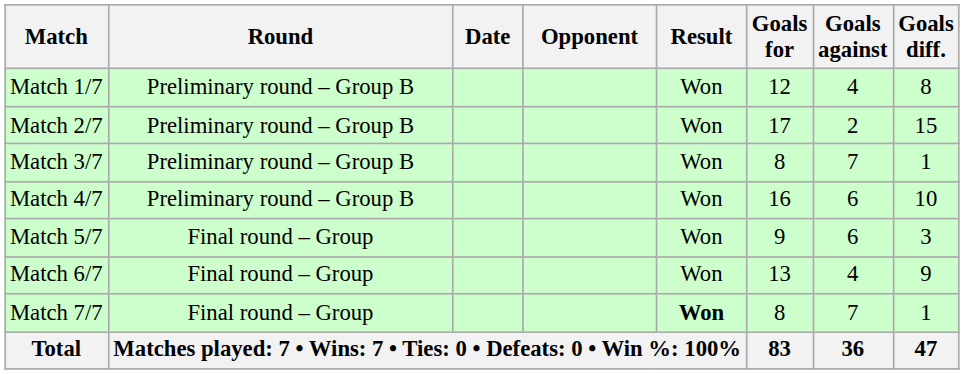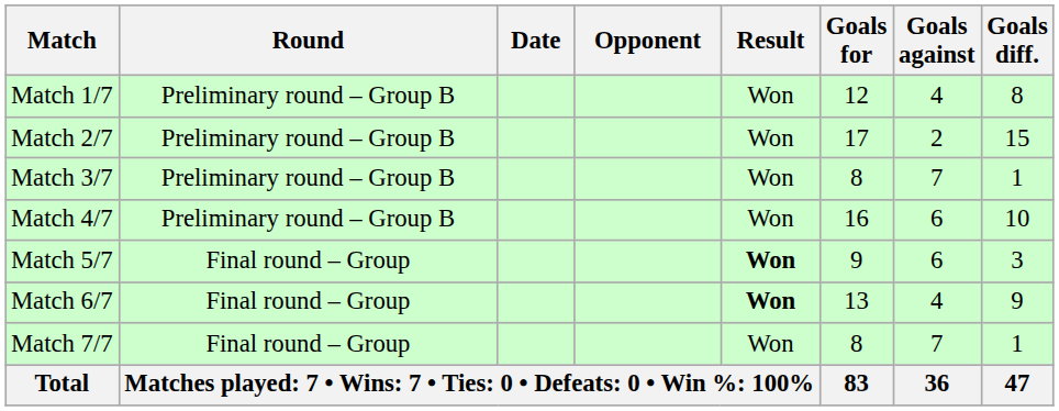 <table class="wikitable sortable" style="text-align: center; font-size: 85%; margin-left: 1em;">
 <tr>
 <th>Match</th>
 <th>Round</th>
 <th>Date</th>
 <th>Opponent</th>
 <th>Result</th>
 <th>Goals<br>for</th>
 <th>Goals<br>against</th>
 <th>Goals<br>diff.</th>
 </tr>
 <tr style="background-color: #ccffcc;">
 <td>Match 1/7</td>
 <td>Preliminary round – Group B</td>
 <td style="text-align: right;"></td>
 <td style="text-align: left;"></td>
 <td>Won</td>
 <td>12</td>
 <td>4</td>
 <td>8</td>
 </tr>
 <tr style="background-color: #ccffcc;">
 <td>Match 2/7</td>
 <td>Preliminary round – Group B</td>
 <td style="text-align: right;"></td>
 <td style="text-align: left;"></td>
 <td>Won</td>
 <td>17</td>
 <td>2</td>
 <td>15</td>
 </tr>
 <tr style="background-color: #ccffcc;">
 <td>Match 3/7</td>
 <td>Preliminary round – Group B</td>
 <td style="text-align: right;"></td>
 <td style="text-align: left;"></td>
 <td>Won</td>
 <td>8</td>
 <td>7</td>
 <td>1</td>
 </tr>
 <tr style="background-color: #ccffcc;">
 <td>Match 4/7</td>
 <td>Preliminary round – Group B</td>
 <td style="text-align: right;"></td>
 <td style="text-align: left;"></td>
 <td>Won</td>
 <td>16</td>
 <td>6</td>
 <td>10</td>
 </tr>
 <tr style="background-color: #ccffcc;">
 <td>Match 5/7</td>
 <td>Final round – Group</td>
 <td style="text-align: right;"></td>
 <td style="text-align: left;"></td>
-<td>Won</td>
+<td><strong>Won</strong></td>
 <td>9</td>
 <td>6</td>
 <td>3</td>
 </tr>
 <tr style="background-color: #ccffcc;">
 <td>Match 6/7</td>
 <td>Final round – Group</td>
 <td style="text-align: right;"></td>
 <td style="text-align: left;"></td>
-<td>Won</td>
+<td><strong>Won</strong></td>
 <td>13</td>
 <td>4</td>
 <td>9</td>
 </tr>
 <tr style="background-color: #ccffcc;">
 <td>Match 7/7</td>
 <td>Final round – Group</td>
 <td style="text-align: right;"></td>
 <td style="text-align: left;"></td>
-<td><strong>Won</strong></td>
+<td>Won</td>
 <td>8</td>
 <td>7</td>
 <td>1</td>
 </tr>
 <tr>
 <th>Total</th>
 <th colspan="4">Matches played: 7 • Wins: 7 • Ties: 0 • Defeats: 0 • Win %: 100%</th>
 <th>83</th>
 <th>36</th>
 <th>47</th>
 </tr>
 </table>
